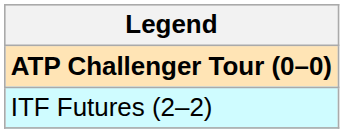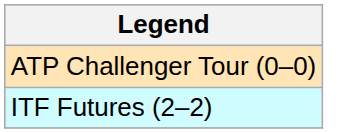 <table class=wikitable>
 <tr>
 <th>Legend</th>
 </tr>
 <tr bgcolor=moccasin>
-<td><strong>ATP Challenger Tour (0–0)</strong></td>
+<td>ATP Challenger Tour (0–0)</td>
 </tr>
 <tr bgcolor=CFFCFF>
 <td>ITF Futures (2–2)</td>
 </tr>
 </table>
